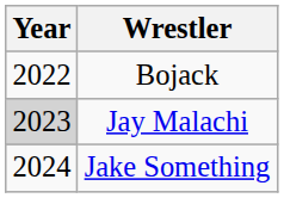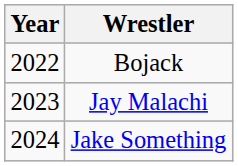 <table class="wikitable sortable" style="text-align: center">
 <tr>
 <th>Year</th>
 <th>Wrestler</th>
 </tr>
 <tr>
 <td>2022</td>
 <td>Bojack</td>
 </tr>
 <tr>
-<td style="background: lightgrey;">2023</td>
+<td>2023</td>
 <td><a href='#'>Jay Malachi</a></td>
 </tr>
 <tr>
 <td>2024</td>
 <td><a href='#'>Jake Something</a></td>
 </tr>
 </table>
